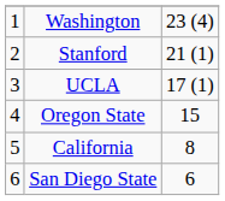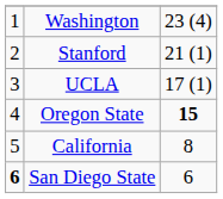 <table class="wikitable" style="display: inline-table;">
 <tr align="center">
 </tr>
 <tr align="center">
 <td>1</td>
 <td><a href='#'>Washington</a></td>
 <td>23 (4)</td>
 </tr>
 <tr align="center">
 <td>2</td>
 <td><a href='#'>Stanford</a></td>
 <td>21 (1)</td>
 </tr>
 <tr align="center">
 <td>3</td>
 <td><a href='#'>UCLA</a></td>
 <td>17 (1)</td>
 </tr>
 <tr align="center">
 <td>4</td>
 <td><a href='#'>Oregon State</a></td>
-<td>15</td>
+<td><strong>15</strong></td>
 </tr>
 <tr align="center">
 <td>5</td>
 <td><a href='#'>California</a></td>
 <td>8</td>
 </tr>
 <tr align="center">
-<td>6</td>
+<td><strong>6</strong></td>
 <td><a href='#'>San Diego State</a></td>
 <td>6</td>
 </tr>
 </table>
